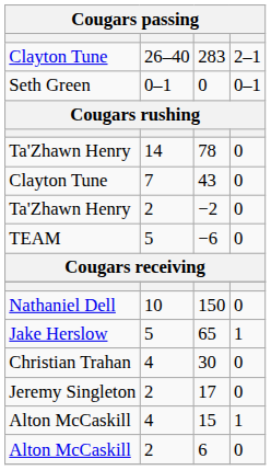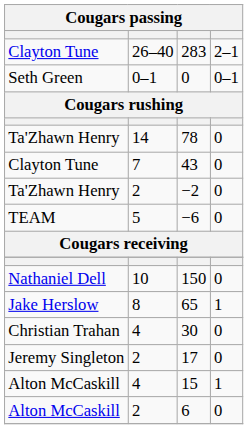 <table class="wikitable plainrowheaders">
 <tr>
 <th colspan="6">Cougars passing</th>
 </tr>
 <tr>
 <th scope="col"></th>
 <th scope="col"></th>
 <th scope="col"></th>
 <th scope="col"></th>
 </tr>
 <tr>
 <td><a href='#'>Clayton Tune</a></td>
 <td>26–40</td>
 <td>283</td>
 <td>2–1</td>
 </tr>
 <tr>
 <td>Seth Green</td>
 <td>0–1</td>
 <td>0</td>
 <td>0–1</td>
 </tr>
 <tr>
 <th colspan="6">Cougars rushing</th>
 </tr>
 <tr>
 <th scope="col"></th>
 <th scope="col"></th>
 <th scope="col"></th>
 <th scope="col"></th>
 </tr>
 <tr>
 <td>Ta'Zhawn Henry</td>
 <td>14</td>
 <td>78</td>
 <td>0</td>
 </tr>
 <tr>
 <td>Clayton Tune</td>
 <td>7</td>
 <td>43</td>
 <td>0</td>
 </tr>
 <tr>
 <td>Ta'Zhawn Henry</td>
 <td>2</td>
 <td>−2</td>
 <td>0</td>
 </tr>
 <tr>
 <td>TEAM</td>
 <td>5</td>
 <td>−6</td>
 <td>0</td>
 </tr>
 <tr>
 <th colspan="6">Cougars receiving</th>
 </tr>
 <tr>
 </tr>
 <tr>
 <th scope="col"></th>
 <th scope="col"></th>
 <th scope="col"></th>
 <th scope="col"></th>
 </tr>
 <tr>
 <td><a href='#'>Nathaniel Dell</a></td>
 <td>10</td>
 <td>150</td>
 <td>0</td>
 </tr>
 <tr>
 <td><a href='#'>Jake Herslow</a></td>
-<td>5</td>
+<td>8</td>
 <td>65</td>
 <td>1</td>
 </tr>
 <tr>
 <td>Christian Trahan</td>
 <td>4</td>
 <td>30</td>
 <td>0</td>
 </tr>
 <tr>
 <td>Jeremy Singleton</td>
 <td>2</td>
 <td>17</td>
 <td>0</td>
 </tr>
 <tr>
 <td>Alton McCaskill</td>
 <td>4</td>
 <td>15</td>
 <td>1</td>
 </tr>
 <tr>
 <td><a href='#'>Alton McCaskill</a></td>
 <td>2</td>
 <td>6</td>
 <td>0</td>
 </tr>
 <tr>
 </tr>
 </table>
